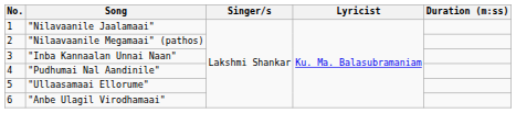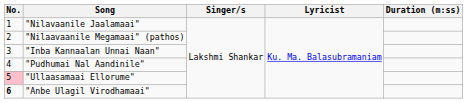 <table class="wikitable" style="font-size:95%;">
 <tr>
 <th>No.</th>
 <th>Song</th>
 <th>Singer/s</th>
 <th>Lyricist</th>
 <th>Duration (m:ss)</th>
 </tr>
 <tr>
 <td>1</td>
 <td>"Nilavaanile Jaalamaai"</td>
 <td rowspan=6>Lakshmi Shankar</td>
 <td rowspan=6><a href='#'>Ku. Ma. Balasubramaniam</a></td>
 <td></td>
 </tr>
 <tr>
 <td>2</td>
 <td>"Nilaavaanile Megamaai" (pathos)</td>
 <td></td>
 </tr>
 <tr>
 <td>3</td>
 <td>"Inba Kannaalan Unnai Naan"</td>
 <td></td>
 </tr>
 <tr>
 <td>4</td>
 <td>"Pudhumai Nal Aandinile"</td>
 <td></td>
 </tr>
 <tr>
-<td>5</td>
+<td style="background: pink;">5</td>
 <td>"Ullaasamaai Ellorume"</td>
 <td></td>
 </tr>
 <tr>
-<td>6</td>
+<td><strong>6</strong></td>
 <td>"Anbe Ulagil Virodhamaai"</td>
 <td></td>
 </tr>
 </table>
